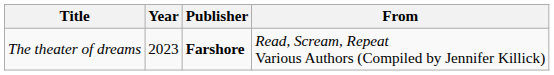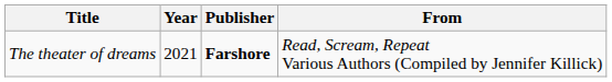 <table class="wikitable">
 <tr>
 <th>Title</th>
 <th>Year</th>
 <th>Publisher</th>
 <th>From</th>
 </tr>
 <tr>
 <td><em>The theater of dreams</em></td>
-<td>2023</td>
+<td>2021</td>
 <td><strong>Farshore</strong></td>
 <td><em>Read, Scream, Repeat</em><br>Various Authors (Compiled by Jennifer Killick)</td>
 </tr>
 </table>
